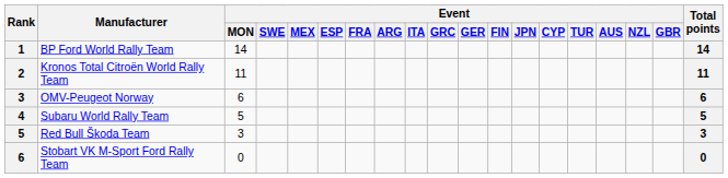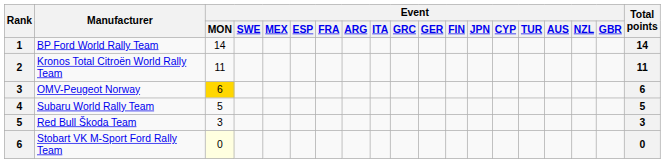 <table class="wikitable" style="text-align:center; font-size:90%;">
 <tr>
 <th rowspan=2>Rank</th>
 <th rowspan=2 style="width:16em">Manufacturer</th>
 <th colspan=16>Event</th>
 <th rowspan=2>Total<br>points</th>
 </tr>
 <tr valign="top">
 <th>MON<br></th>
 <th><a href='#'>SWE</a><br></th>
 <th><a href='#'>MEX</a><br></th>
 <th><a href='#'>ESP</a><br></th>
 <th><a href='#'>FRA</a><br></th>
 <th><a href='#'>ARG</a><br></th>
 <th><a href='#'>ITA</a><br></th>
 <th><a href='#'>GRC</a><br></th>
 <th><a href='#'>GER</a><br></th>
 <th><a href='#'>FIN</a><br></th>
 <th><a href='#'>JPN</a><br></th>
 <th><a href='#'>CYP</a><br></th>
 <th><a href='#'>TUR</a><br></th>
 <th><a href='#'>AUS</a><br></th>
 <th><a href='#'>NZL</a><br></th>
 <th><a href='#'>GBR</a><br></th>
 </tr>
 <tr>
 <th>1</th>
 <td align=left><a href='#'>BP Ford World Rally Team</a></td>
 <td>14</td>
 <td></td>
 <td></td>
 <td></td>
 <td></td>
 <td></td>
 <td></td>
 <td></td>
 <td></td>
 <td></td>
 <td></td>
 <td></td>
 <td></td>
 <td></td>
 <td></td>
 <td></td>
 <th>14</th>
 </tr>
 <tr>
 <th>2</th>
 <td align=left><a href='#'>Kronos Total Citroën World Rally Team</a></td>
 <td>11</td>
 <td></td>
 <td></td>
 <td></td>
 <td></td>
 <td></td>
 <td></td>
 <td></td>
 <td></td>
 <td></td>
 <td></td>
 <td></td>
 <td></td>
 <td></td>
 <td></td>
 <td></td>
 <th>11</th>
 </tr>
 <tr>
 <th>3</th>
 <td align=left><a href='#'>OMV-Peugeot Norway</a></td>
-<td>6</td>
+<td style="background: gold;">6</td>
 <td></td>
 <td></td>
 <td></td>
 <td></td>
 <td></td>
 <td></td>
 <td></td>
 <td></td>
 <td></td>
 <td></td>
 <td></td>
 <td></td>
 <td></td>
 <td></td>
 <td></td>
 <th>6</th>
 </tr>
 <tr>
 <th>4</th>
 <td align=left><a href='#'>Subaru World Rally Team</a></td>
 <td>5</td>
 <td></td>
 <td></td>
 <td></td>
 <td></td>
 <td></td>
 <td></td>
 <td></td>
 <td></td>
 <td></td>
 <td></td>
 <td></td>
 <td></td>
 <td></td>
 <td></td>
 <td></td>
 <th>5</th>
 </tr>
 <tr>
 <th>5</th>
 <td align=left><a href='#'>Red Bull Škoda Team</a></td>
 <td>3</td>
 <td></td>
 <td></td>
 <td></td>
 <td></td>
 <td></td>
 <td></td>
 <td></td>
 <td></td>
 <td></td>
 <td></td>
 <td></td>
 <td></td>
 <td></td>
 <td></td>
 <td></td>
 <th>3</th>
 </tr>
 <tr>
 <th>6</th>
 <td align=left><a href='#'>Stobart VK M-Sport Ford Rally Team</a></td>
-<td>0</td>
+<td style="background: lightyellow;">0</td>
 <td></td>
 <td></td>
 <td></td>
 <td></td>
 <td></td>
 <td></td>
 <td></td>
 <td></td>
 <td></td>
 <td></td>
 <td></td>
 <td></td>
 <td></td>
 <td></td>
 <td></td>
 <th>0</th>
 </tr>
 </table>
